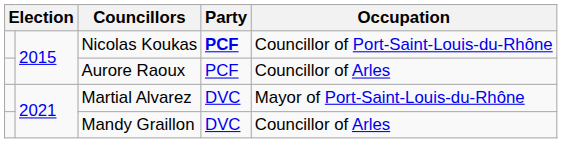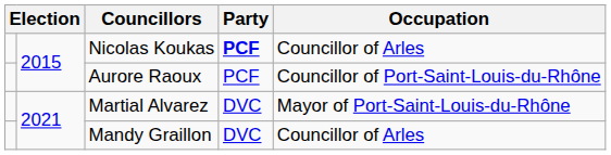 <table class="wikitable">
 <tr>
 <th colspan="2">Election</th>
 <th>Councillors</th>
 <th>Party</th>
 <th>Occupation</th>
 </tr>
 <tr>
 <td style="background-color: "></td>
 <td rowspan="2"><a href='#'>2015</a></td>
 <td>Nicolas Koukas</td>
 <td><strong><a href='#'>PCF</a></strong></td>
-<td>Councillor of <a href='#'>Port-Saint-Louis-du-Rhône</a></td>
+<td>Councillor of <a href='#'>Arles</a></td>
 </tr>
 <tr>
 <td style="background-color: "></td>
 <td>Aurore Raoux</td>
 <td><a href='#'>PCF</a></td>
-<td>Councillor of <a href='#'>Arles</a></td>
+<td>Councillor of <a href='#'>Port-Saint-Louis-du-Rhône</a></td>
 </tr>
 <tr>
 <td style="background-color: "></td>
 <td rowspan="2"><a href='#'>2021</a></td>
 <td>Martial Alvarez</td>
 <td><a href='#'>DVC</a></td>
 <td>Mayor of <a href='#'>Port-Saint-Louis-du-Rhône</a></td>
 </tr>
 <tr>
 <td style="background-color: "></td>
 <td>Mandy Graillon</td>
 <td><a href='#'>DVC</a></td>
 <td>Councillor of <a href='#'>Arles</a></td>
 </tr>
 </table>
